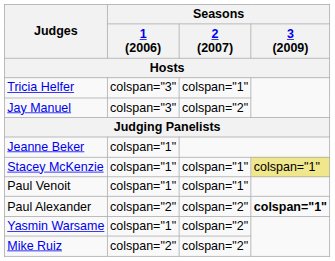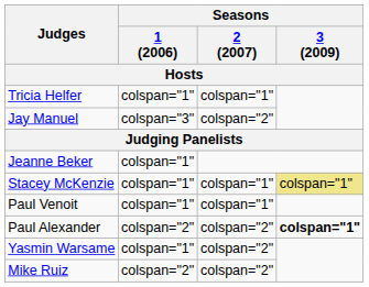 <table class="wikitable">
 <tr>
 <th rowspan="2">Judges</th>
 <th colspan="10">Seasons</th>
 </tr>
 <tr>
 <th><a href='#'>1</a><br> (2006)</th>
 <th><a href='#'>2</a><br> (2007)</th>
 <th><a href='#'>3</a><br> (2009)</th>
 </tr>
 <tr>
 <th scope="col" colspan="4">Hosts</th>
 </tr>
 <tr>
 <td scope="row"><a href='#'>Tricia Helfer</a></td>
-<td>colspan="3" </td>
+<td>colspan="1" </td>
 <td>colspan="1" </td>
 </tr>
 <tr>
 <td scope="row"><a href='#'>Jay Manuel</a></td>
 <td>colspan="3" </td>
 <td>colspan="2" </td>
 </tr>
 <tr>
 <th scope="col" colspan="4">Judging Panelists</th>
 </tr>
 <tr>
 <td scope="row"><a href='#'>Jeanne Beker</a></td>
 <td>colspan="1" </td>
 </tr>
 <tr>
 <td scope="row"><a href='#'>Stacey McKenzie</a></td>
 <td>colspan="1" </td>
 <td>colspan="1" </td>
 <td style="background: khaki;">colspan="1" </td>
 </tr>
 <tr>
 <td scope="row">Paul Venoit</td>
 <td>colspan="1" </td>
 <td>colspan="1" </td>
 </tr>
 <tr>
 <td scope="row">Paul Alexander</td>
 <td>colspan="2" </td>
 <td>colspan="2" </td>
 <td><strong>colspan="1" </strong></td>
 </tr>
 <tr>
 <td scope="row"><a href='#'>Yasmin Warsame</a></td>
 <td>colspan="1" </td>
 <td>colspan="2" </td>
 </tr>
 <tr>
 <td scope="row"><a href='#'>Mike Ruiz</a></td>
 <td>colspan="2" </td>
 <td>colspan="2" </td>
 </tr>
 </table>
